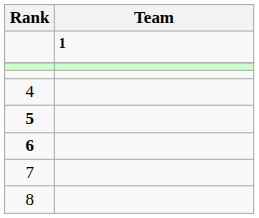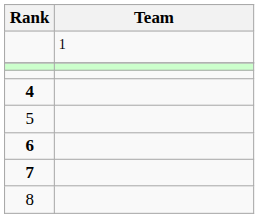 <table class="wikitable" style="text-align: center;">
 <tr>
 <th width=40>Rank</th>
 <th width=180>Team</th>
 </tr>
 <tr>
 <td></td>
-<td align=left><strong><sup>1</sup></strong></td>
+<td align=left><sup>1</sup></td>
 </tr>
 <tr>
 </tr>
 <tr style="background-color:#ccffcc;">
 <td></td>
 <td align=left></td>
 </tr>
 <tr>
 <td></td>
 <td align=left></td>
 </tr>
 <tr>
-<td>4</td>
+<td><strong>4</strong></td>
 <td align=left></td>
 </tr>
 <tr>
-<td><strong>5</strong></td>
+<td>5</td>
 <td align=left></td>
 </tr>
 <tr>
 <td><strong>6</strong></td>
 <td align=left></td>
 </tr>
 <tr>
-<td>7</td>
+<td><strong>7</strong></td>
 <td align=left></td>
 </tr>
 <tr>
 <td>8</td>
 <td align=left></td>
 </tr>
 </table>
